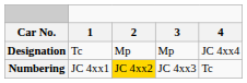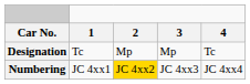 <table class="wikitable">
 <tr style="border-bottom:solid 5px #">
 <td style="background-color:#ccc;"> </td>
 <td colspan="4"></td>
 </tr>
 <tr>
 <th>Car No.</th>
 <th>1</th>
 <th>2</th>
 <th>3</th>
 <th>4</th>
 </tr>
 <tr>
 <th>Designation</th>
 <td>Tc</td>
 <td>Mp</td>
 <td>Mp</td>
-<td>JC 4xx4</td>
+<td>Tc</td>
 </tr>
 <tr>
 <th>Numbering</th>
 <td>JC 4xx1</td>
 <td style="background: gold;">JC 4xx2</td>
 <td>JC 4xx3</td>
-<td>Tc</td>
+<td>JC 4xx4</td>
 </tr>
 </table>
